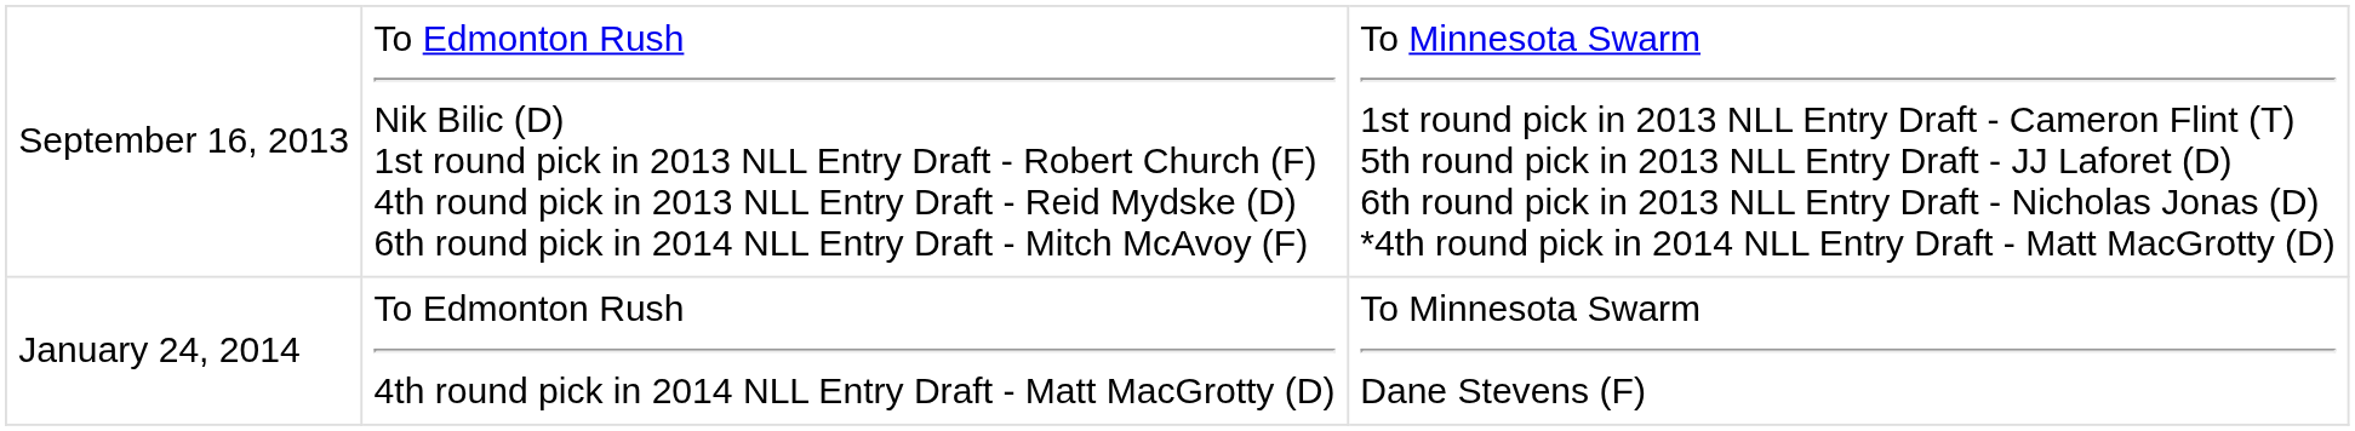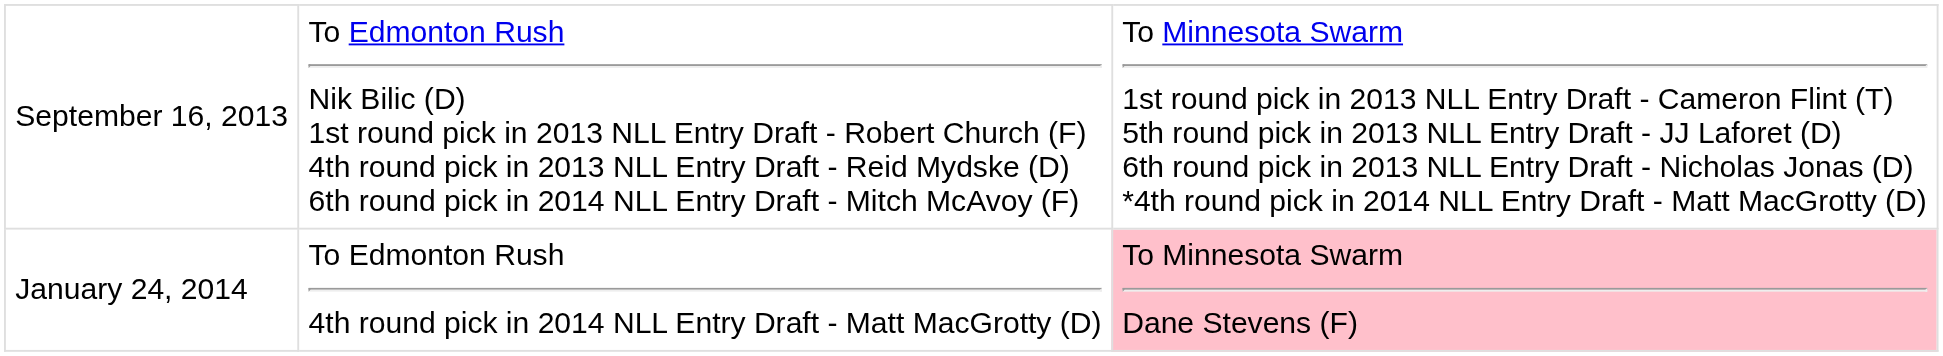 <table border=1 style="border-collapse:collapse" bordercolor="#DFDFDF"  cellpadding="5">
 <tr>
 <td>September 16, 2013</td>
 <td valign="top">To <a href='#'>Edmonton Rush</a><hr>Nik Bilic (D)<br>1st round pick in 2013 NLL Entry Draft - Robert Church (F)<br>4th round pick in 2013 NLL Entry Draft - Reid Mydske (D)<br>6th round pick in 2014 NLL Entry Draft - Mitch McAvoy (F)</td>
 <td valign="top">To <a href='#'>Minnesota Swarm</a><hr>1st round pick in 2013 NLL Entry Draft - Cameron Flint (T)<br>5th round pick in 2013 NLL Entry Draft - JJ Laforet (D)<br>6th round pick in 2013 NLL Entry Draft - Nicholas Jonas (D)<br>*4th round pick in 2014 NLL Entry Draft - Matt MacGrotty (D)</td>
 </tr>
 <tr>
 <td>January 24, 2014</td>
 <td valign="top">To Edmonton Rush<hr>4th round pick in 2014 NLL Entry Draft - Matt MacGrotty (D)</td>
-<td valign="top">To Minnesota Swarm<hr>Dane Stevens (F)</td>
+<td valign="top" style="background: pink;">To Minnesota Swarm<hr>Dane Stevens (F)</td>
 </tr>
 </table>
